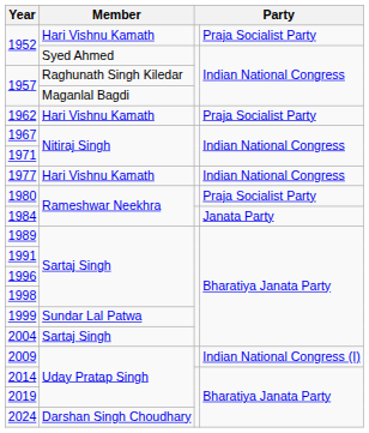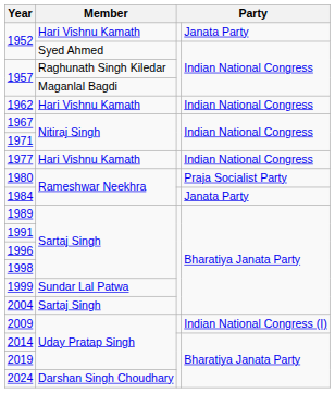 <table class="wikitable">
 <tr>
 <th>Year</th>
 <th>Member</th>
 <th colspan="2">Party</th>
 </tr>
 <tr>
 <td rowspan="2"><a href='#'>1952</a></td>
 <td><a href='#'>Hari Vishnu Kamath</a></td>
 <td style="background-color: "></td>
-<td><a href='#'>Praja Socialist Party</a></td>
+<td><a href='#'>Janata Party</a></td>
 </tr>
 <tr>
 <td>Syed Ahmed</td>
 <td rowspan="3" style="background-color: "></td>
 <td rowspan="3"><a href='#'>Indian National Congress</a></td>
 </tr>
 <tr>
 <td rowspan="2"><a href='#'>1957</a></td>
 <td>Raghunath Singh Kiledar</td>
 </tr>
 <tr>
 <td>Maganlal Bagdi</td>
 </tr>
 <tr>
 <td><a href='#'>1962</a></td>
 <td><a href='#'>Hari Vishnu Kamath</a></td>
 <td style="background-color: "></td>
-<td><a href='#'>Praja Socialist Party</a></td>
+<td><a href='#'>Indian National Congress</a></td>
 </tr>
 <tr>
 <td><a href='#'>1967</a></td>
 <td rowspan="2"><a href='#'>Nitiraj Singh</a></td>
 <td rowspan="2" style="background-color: "></td>
 <td rowspan="2"><a href='#'>Indian National Congress</a></td>
 </tr>
 <tr>
 <td><a href='#'>1971</a></td>
 </tr>
 <tr>
 <td><a href='#'>1977</a></td>
 <td><a href='#'>Hari Vishnu Kamath</a></td>
 <td style="background-color: "></td>
 <td><a href='#'>Indian National Congress</a></td>
 </tr>
 <tr>
 <td><a href='#'>1980</a></td>
 <td rowspan="2"><a href='#'>Rameshwar Neekhra</a></td>
 <td style="background-color: "></td>
 <td><a href='#'>Praja Socialist Party</a></td>
 </tr>
 <tr>
 <td><a href='#'>1984</a></td>
 <td style="background-color: "></td>
 <td><a href='#'>Janata Party</a></td>
 </tr>
 <tr>
 <td><a href='#'>1989</a></td>
 <td rowspan="4"><a href='#'>Sartaj Singh</a></td>
 <td rowspan="6" style="background-color: "></td>
 <td rowspan="6"><a href='#'>Bharatiya Janata Party</a></td>
 </tr>
 <tr>
 <td><a href='#'>1991</a></td>
 </tr>
 <tr>
 <td><a href='#'>1996</a></td>
 </tr>
 <tr>
 <td><a href='#'>1998</a></td>
 </tr>
 <tr>
 <td><a href='#'>1999</a></td>
 <td><a href='#'>Sundar Lal Patwa</a></td>
 </tr>
 <tr>
 <td><a href='#'>2004</a></td>
 <td><a href='#'>Sartaj Singh</a></td>
 </tr>
 <tr>
 <td><a href='#'>2009</a></td>
 <td rowspan="3"><a href='#'>Uday Pratap Singh</a></td>
 <td style="background-color: "></td>
 <td><a href='#'>Indian National Congress (I)</a></td>
 </tr>
 <tr>
 <td><a href='#'>2014</a></td>
 <td rowspan="3" style="background-color: "></td>
 <td rowspan="3"><a href='#'>Bharatiya Janata Party</a></td>
 </tr>
 <tr>
 <td><a href='#'>2019</a></td>
 </tr>
 <tr>
 <td><a href='#'>2024</a></td>
 <td><a href='#'>Darshan Singh Choudhary</a></td>
 </tr>
 </table>
